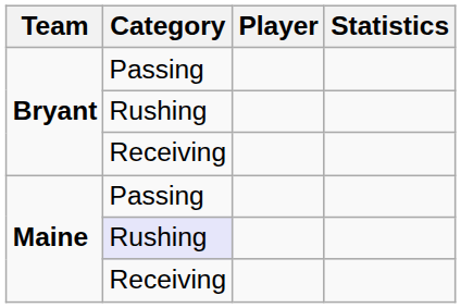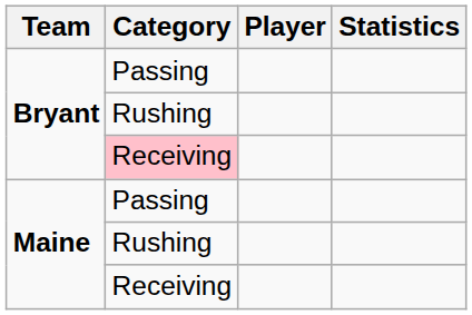 <table class="wikitable" style="float: right;">
 <tr>
 <th>Team</th>
 <th>Category</th>
 <th>Player</th>
 <th>Statistics</th>
 </tr>
 <tr>
 <td rowspan=3><strong>Bryant</strong></td>
 <td>Passing</td>
 <td></td>
 <td></td>
 </tr>
 <tr>
 <td>Rushing</td>
 <td></td>
 <td></td>
 </tr>
 <tr>
-<td>Receiving</td>
+<td style="background: pink;">Receiving</td>
 <td></td>
 <td></td>
 </tr>
 <tr>
 <td rowspan=3><strong>Maine</strong></td>
 <td>Passing</td>
 <td></td>
 <td></td>
 </tr>
 <tr>
-<td style="background: lavender;">Rushing</td>
+<td>Rushing</td>
 <td></td>
 <td></td>
 </tr>
 <tr>
 <td>Receiving</td>
 <td></td>
 <td></td>
 </tr>
 </table>
